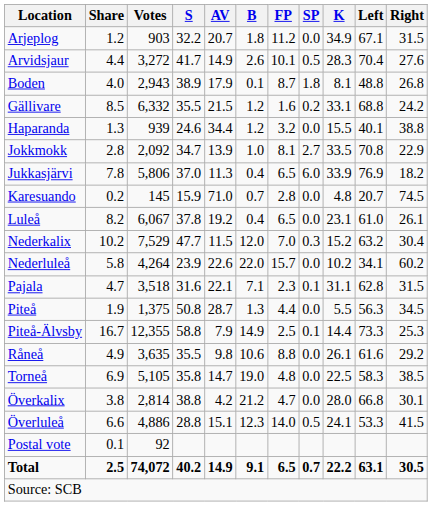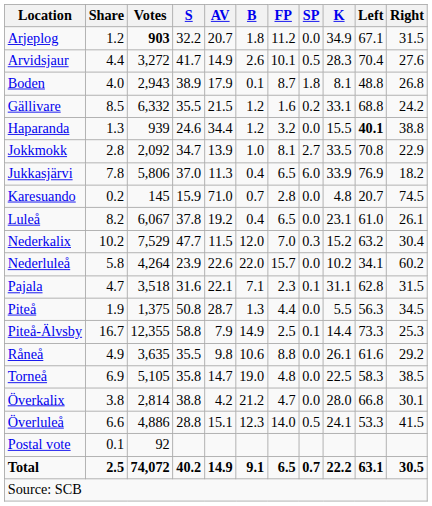 <table class="wikitable sortable" style=text-align:right>
 <tr>
 <th>Location</th>
 <th>Share</th>
 <th>Votes</th>
 <th><a href='#'>S</a></th>
 <th><a href='#'>AV</a></th>
 <th><a href='#'>B</a></th>
 <th><a href='#'>FP</a></th>
 <th><a href='#'>SP</a></th>
 <th><a href='#'>K</a></th>
 <th>Left</th>
 <th>Right</th>
 </tr>
 <tr>
 <td align=left><a href='#'>Arjeplog</a></td>
 <td>1.2</td>
-<td>903</td>
+<td><strong>903</strong></td>
 <td>32.2</td>
 <td>20.7</td>
 <td>1.8</td>
 <td>11.2</td>
 <td>0.0</td>
 <td>34.9</td>
 <td>67.1</td>
 <td>31.5</td>
 </tr>
 <tr>
 <td align=left><a href='#'>Arvidsjaur</a></td>
 <td>4.4</td>
 <td>3,272</td>
 <td>41.7</td>
 <td>14.9</td>
 <td>2.6</td>
 <td>10.1</td>
 <td>0.5</td>
 <td>28.3</td>
 <td>70.4</td>
 <td>27.6</td>
 </tr>
 <tr>
 <td align=left><a href='#'>Boden</a></td>
 <td>4.0</td>
 <td>2,943</td>
 <td>38.9</td>
 <td>17.9</td>
 <td>0.1</td>
 <td>8.7</td>
 <td>1.8</td>
 <td>8.1</td>
 <td>48.8</td>
 <td>26.8</td>
 </tr>
 <tr>
 <td align=left><a href='#'>Gällivare</a></td>
 <td>8.5</td>
 <td>6,332</td>
 <td>35.5</td>
 <td>21.5</td>
 <td>1.2</td>
 <td>1.6</td>
 <td>0.2</td>
 <td>33.1</td>
 <td>68.8</td>
 <td>24.2</td>
 </tr>
 <tr>
 <td align=left><a href='#'>Haparanda</a></td>
 <td>1.3</td>
 <td>939</td>
 <td>24.6</td>
 <td>34.4</td>
 <td>1.2</td>
 <td>3.2</td>
 <td>0.0</td>
 <td>15.5</td>
-<td>40.1</td>
+<td><strong>40.1</strong></td>
 <td>38.8</td>
 </tr>
 <tr>
 <td align=left><a href='#'>Jokkmokk</a></td>
 <td>2.8</td>
 <td>2,092</td>
 <td>34.7</td>
 <td>13.9</td>
 <td>1.0</td>
 <td>8.1</td>
 <td>2.7</td>
 <td>33.5</td>
 <td>70.8</td>
 <td>22.9</td>
 </tr>
 <tr>
 <td align=left><a href='#'>Jukkasjärvi</a></td>
 <td>7.8</td>
 <td>5,806</td>
 <td>37.0</td>
 <td>11.3</td>
 <td>0.4</td>
 <td>6.5</td>
 <td>6.0</td>
 <td>33.9</td>
 <td>76.9</td>
 <td>18.2</td>
 </tr>
 <tr>
 <td align=left><a href='#'>Karesuando</a></td>
 <td>0.2</td>
 <td>145</td>
 <td>15.9</td>
 <td>71.0</td>
 <td>0.7</td>
 <td>2.8</td>
 <td>0.0</td>
 <td>4.8</td>
 <td>20.7</td>
 <td>74.5</td>
 </tr>
 <tr>
 <td align=left><a href='#'>Luleå</a></td>
 <td>8.2</td>
 <td>6,067</td>
 <td>37.8</td>
 <td>19.2</td>
 <td>0.4</td>
 <td>6.5</td>
 <td>0.0</td>
 <td>23.1</td>
 <td>61.0</td>
 <td>26.1</td>
 </tr>
 <tr>
 <td align=left><a href='#'>Nederkalix</a></td>
 <td>10.2</td>
 <td>7,529</td>
 <td>47.7</td>
 <td>11.5</td>
 <td>12.0</td>
 <td>7.0</td>
 <td>0.3</td>
 <td>15.2</td>
 <td>63.2</td>
 <td>30.4</td>
 </tr>
 <tr>
 <td align=left><a href='#'>Nederluleå</a></td>
 <td>5.8</td>
 <td>4,264</td>
 <td>23.9</td>
 <td>22.6</td>
 <td>22.0</td>
 <td>15.7</td>
 <td>0.0</td>
 <td>10.2</td>
 <td>34.1</td>
 <td>60.2</td>
 </tr>
 <tr>
 <td align=left><a href='#'>Pajala</a></td>
 <td>4.7</td>
 <td>3,518</td>
 <td>31.6</td>
 <td>22.1</td>
 <td>7.1</td>
 <td>2.3</td>
 <td>0.1</td>
 <td>31.1</td>
 <td>62.8</td>
 <td>31.5</td>
 </tr>
 <tr>
 <td align=left><a href='#'>Piteå</a></td>
 <td>1.9</td>
 <td>1,375</td>
 <td>50.8</td>
 <td>28.7</td>
 <td>1.3</td>
 <td>4.4</td>
 <td>0.0</td>
 <td>5.5</td>
 <td>56.3</td>
 <td>34.5</td>
 </tr>
 <tr>
 <td align=left><a href='#'>Piteå-Älvsby</a></td>
 <td>16.7</td>
 <td>12,355</td>
 <td>58.8</td>
 <td>7.9</td>
 <td>14.9</td>
 <td>2.5</td>
 <td>0.1</td>
 <td>14.4</td>
 <td>73.3</td>
 <td>25.3</td>
 </tr>
 <tr>
 <td align=left><a href='#'>Råneå</a></td>
 <td>4.9</td>
 <td>3,635</td>
 <td>35.5</td>
 <td>9.8</td>
 <td>10.6</td>
 <td>8.8</td>
 <td>0.0</td>
 <td>26.1</td>
 <td>61.6</td>
 <td>29.2</td>
 </tr>
 <tr>
 <td align=left><a href='#'>Torneå</a></td>
 <td>6.9</td>
 <td>5,105</td>
 <td>35.8</td>
 <td>14.7</td>
 <td>19.0</td>
 <td>4.8</td>
 <td>0.0</td>
 <td>22.5</td>
 <td>58.3</td>
 <td>38.5</td>
 </tr>
 <tr>
 <td align=left><a href='#'>Överkalix</a></td>
 <td>3.8</td>
 <td>2,814</td>
 <td>38.8</td>
 <td>4.2</td>
 <td>21.2</td>
 <td>4.7</td>
 <td>0.0</td>
 <td>28.0</td>
 <td>66.8</td>
 <td>30.1</td>
 </tr>
 <tr>
 <td align=left><a href='#'>Överluleå</a></td>
 <td>6.6</td>
 <td>4,886</td>
 <td>28.8</td>
 <td>15.1</td>
 <td>12.3</td>
 <td>14.0</td>
 <td>0.5</td>
 <td>24.1</td>
 <td>53.3</td>
 <td>41.5</td>
 </tr>
 <tr>
 <td align=left><a href='#'>Postal vote</a></td>
 <td>0.1</td>
 <td>92</td>
 <td></td>
 <td></td>
 <td></td>
 <td></td>
 <td></td>
 <td></td>
 <td></td>
 <td></td>
 </tr>
 <tr>
 <td align=left><strong>Total</strong></td>
 <td><strong>2.5</strong></td>
 <td><strong>74,072</strong></td>
 <td><strong>40.2</strong></td>
 <td><strong>14.9</strong></td>
 <td><strong>9.1</strong></td>
 <td><strong>6.5</strong></td>
 <td><strong>0.7</strong></td>
 <td><strong>22.2</strong></td>
 <td><strong>63.1</strong></td>
 <td><strong>30.5</strong></td>
 </tr>
 <tr>
 <td align=left colspan=11>Source: SCB </td>
 </tr>
 </table>
